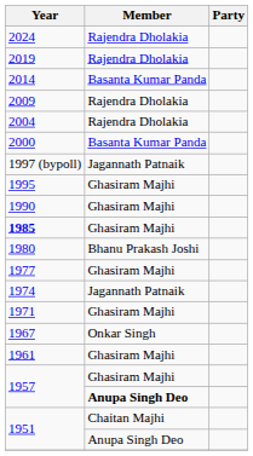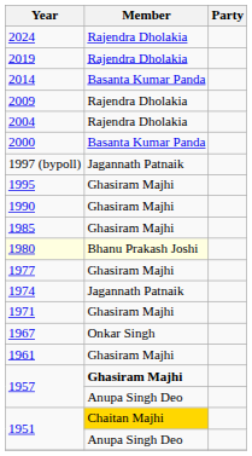 <table class="wikitable sortable">
 <tr>
 <th>Year</th>
 <th>Member</th>
 <th colspan=2>Party</th>
 </tr>
 <tr>
 <td><a href='#'>2024</a></td>
 <td><a href='#'>Rajendra Dholakia</a></td>
 <td></td>
 </tr>
 <tr>
 <td><a href='#'>2019</a></td>
 <td><a href='#'>Rajendra Dholakia</a></td>
 <td></td>
 </tr>
 <tr>
 <td><a href='#'>2014</a></td>
 <td><a href='#'>Basanta Kumar Panda</a></td>
 <td></td>
 </tr>
 <tr>
 <td><a href='#'>2009</a></td>
 <td>Rajendra Dholakia</td>
 <td></td>
 </tr>
 <tr>
 <td><a href='#'>2004</a></td>
 <td>Rajendra Dholakia</td>
 <td></td>
 </tr>
 <tr>
 <td><a href='#'>2000</a></td>
 <td><a href='#'>Basanta Kumar Panda</a></td>
 <td></td>
 </tr>
 <tr>
 <td>1997 (bypoll)</td>
 <td>Jagannath Patnaik</td>
 <td></td>
 </tr>
 <tr>
 <td><a href='#'>1995</a></td>
 <td>Ghasiram Majhi</td>
 <td></td>
 </tr>
 <tr>
 <td><a href='#'>1990</a></td>
 <td>Ghasiram Majhi</td>
 <td></td>
 </tr>
 <tr>
-<td><strong><a href='#'>1985</a></strong></td>
+<td><a href='#'>1985</a></td>
 <td>Ghasiram Majhi</td>
 <td></td>
 </tr>
 <tr>
-<td><a href='#'>1980</a></td>
-<td>Bhanu Prakash Joshi</td>
+<td style="background: lightyellow;"><a href='#'>1980</a></td>
+<td style="background: lightyellow;">Bhanu Prakash Joshi</td>
 <td></td>
 </tr>
 <tr>
 <td><a href='#'>1977</a></td>
 <td>Ghasiram Majhi</td>
 <td></td>
 </tr>
 <tr>
 <td><a href='#'>1974</a></td>
 <td>Jagannath Patnaik</td>
 <td></td>
 </tr>
 <tr>
 <td><a href='#'>1971</a></td>
 <td>Ghasiram Majhi</td>
 <td></td>
 </tr>
 <tr>
 <td><a href='#'>1967</a></td>
 <td>Onkar Singh</td>
 <td></td>
 </tr>
 <tr>
 <td><a href='#'>1961</a></td>
 <td>Ghasiram Majhi</td>
 <td></td>
 </tr>
 <tr>
 <td rowspan="2"><a href='#'>1957</a></td>
-<td>Ghasiram Majhi</td>
+<td><strong>Ghasiram Majhi</strong></td>
 <td></td>
 </tr>
 <tr>
-<td><strong>Anupa Singh Deo</strong></td>
+<td>Anupa Singh Deo</td>
 <td></td>
 </tr>
 <tr>
 <td rowspan="2"><a href='#'>1951</a></td>
-<td>Chaitan Majhi</td>
+<td style="background: gold;">Chaitan Majhi</td>
 <td></td>
 </tr>
 <tr>
 <td>Anupa Singh Deo</td>
 <td></td>
 </tr>
 <tr>
 </tr>
 </table>
